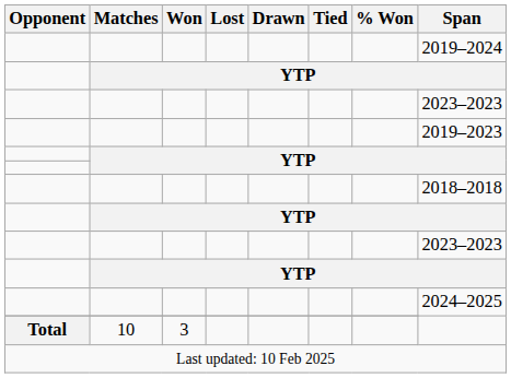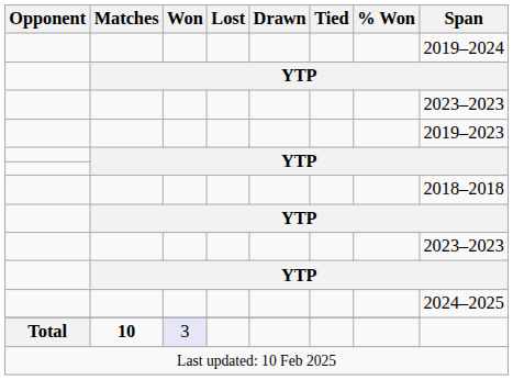 <table class="wikitable plainrowheaders sortable" style="text-align:center">
 <tr>
 <th>Opponent</th>
 <th>Matches</th>
 <th>Won</th>
 <th>Lost</th>
 <th>Drawn</th>
 <th>Tied</th>
 <th>% Won</th>
 <th>Span</th>
 </tr>
 <tr>
 <td></td>
 <td></td>
 <td></td>
 <td></td>
 <td></td>
 <td></td>
 <td></td>
 <td>2019–2024</td>
 </tr>
 <tr>
 <td></td>
 <th colspan=7>YTP</th>
 </tr>
 <tr>
 <td></td>
 <td></td>
 <td></td>
 <td></td>
 <td></td>
 <td></td>
 <td></td>
 <td>2023–2023</td>
 </tr>
 <tr>
 <td></td>
 <td></td>
 <td></td>
 <td></td>
 <td></td>
 <td></td>
 <td></td>
 <td>2019–2023</td>
 </tr>
 <tr>
 <td></td>
 <th colspan=7 rowspan=2>YTP</th>
 </tr>
 <tr>
 <td></td>
 </tr>
 <tr>
 <td></td>
 <td></td>
 <td></td>
 <td></td>
 <td></td>
 <td></td>
 <td></td>
 <td>2018–2018</td>
 </tr>
 <tr>
 <td></td>
 <th colspan=7>YTP</th>
 </tr>
 <tr>
 <td></td>
 <td></td>
 <td></td>
 <td></td>
 <td></td>
 <td></td>
 <td></td>
 <td>2023–2023</td>
 </tr>
 <tr>
 <td></td>
 <th colspan=7>YTP</th>
 </tr>
 <tr>
 <td></td>
 <td></td>
 <td></td>
 <td></td>
 <td></td>
 <td></td>
 <td></td>
 <td>2024–2025</td>
 </tr>
 <tr>
 </tr>
 <tr class="sortbottom">
 <th scope="row" style="text-align:center" colspan=1><strong>Total</strong></th>
-<td>10</td>
-<td>3</td>
+<td><strong>10</strong></td>
+<td style="background: lavender;">3</td>
 <td></td>
 <td></td>
 <td></td>
 <td></td>
 </tr>
 <tr>
 <td colspan=8><small>Last updated: 10 Feb 2025</small></td>
 </tr>
 </table>
